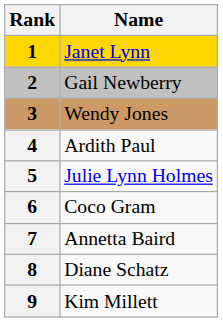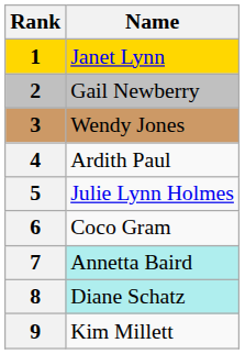 <table class="wikitable">
 <tr>
 <th>Rank</th>
 <th>Name</th>
 </tr>
 <tr bgcolor="gold">
 <td align="center"><strong>1</strong></td>
 <td><a href='#'>Janet Lynn</a></td>
 </tr>
 <tr bgcolor="silver">
 <td align="center"><strong>2</strong></td>
 <td>Gail Newberry</td>
 </tr>
 <tr bgcolor="cc9966">
 <td align="center"><strong>3</strong></td>
 <td>Wendy Jones</td>
 </tr>
 <tr>
 <th>4</th>
 <td>Ardith Paul</td>
 </tr>
 <tr>
 <th>5</th>
 <td><a href='#'>Julie Lynn Holmes</a></td>
 </tr>
 <tr>
 <th>6</th>
 <td>Coco Gram</td>
 </tr>
 <tr>
 <th>7</th>
-<td>Annetta Baird</td>
+<td style="background: paleturquoise;">Annetta Baird</td>
 </tr>
 <tr>
 <th>8</th>
-<td>Diane Schatz</td>
+<td style="background: paleturquoise;">Diane Schatz</td>
 </tr>
 <tr>
 <th>9</th>
 <td>Kim Millett</td>
 </tr>
 </table>
